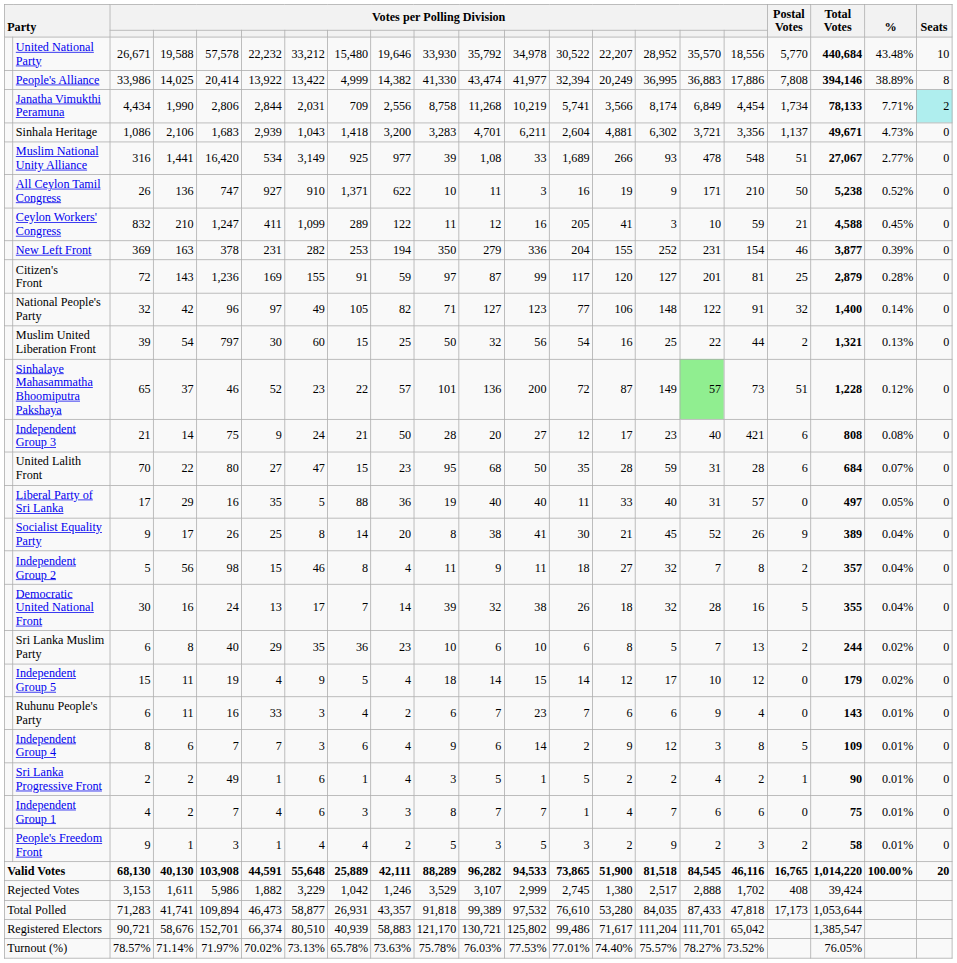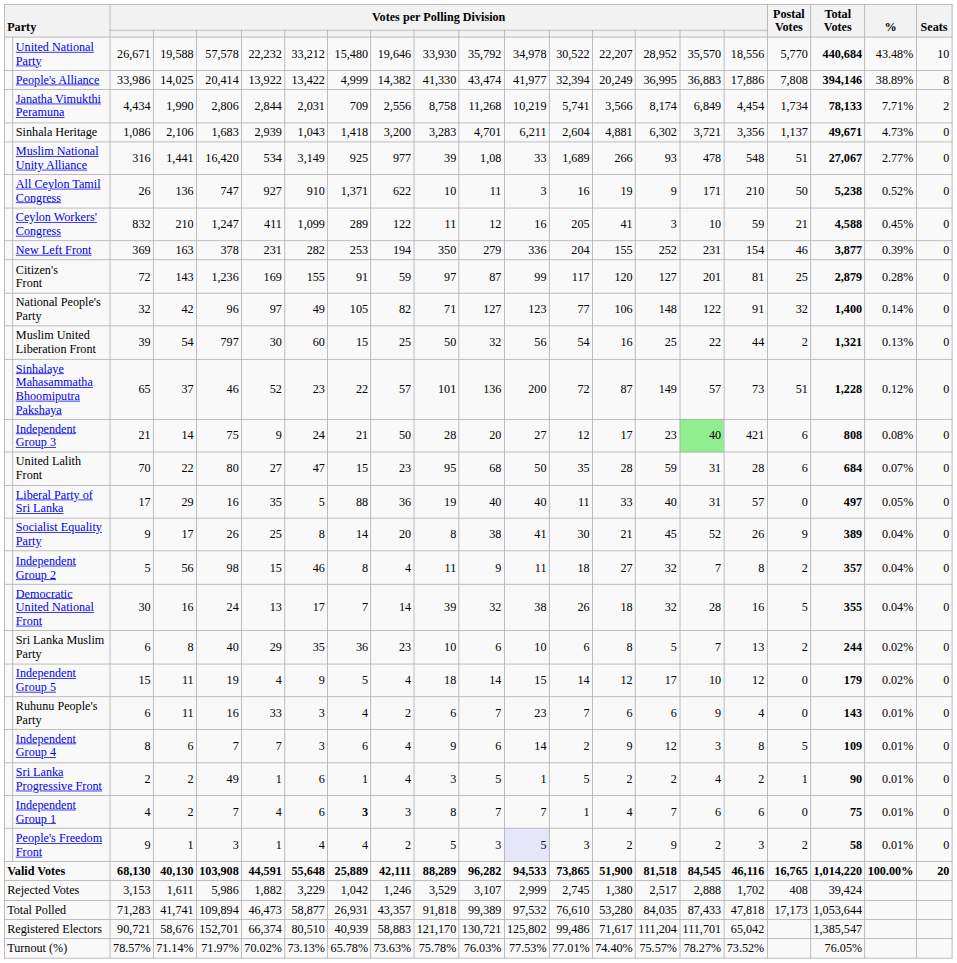 <table class="wikitable" style="text-align:right;">
 <tr>
 <th style="text-align:left; vertical-align:bottom;" rowspan="2" colspan="2">Party</th>
 <th colspan=15>Votes per Polling Division</th>
 <th rowspan="2" style="vertical-align:bottom; text-align:center; width:50px;">Postal<br>Votes</th>
 <th rowspan="2" style="vertical-align:bottom; text-align:center; width:50px;">Total Votes</th>
 <th rowspan="2" style="vertical-align:bottom; text-align:center; width:50px;">%</th>
 <th rowspan="2" style="vertical-align:bottom; text-align:center; width:40px;">Seats</th>
 </tr>
 <tr>
 <th></th>
 <th></th>
 <th></th>
 <th></th>
 <th></th>
 <th></th>
 <th></th>
 <th></th>
 <th></th>
 <th></th>
 <th></th>
 <th></th>
 <th></th>
 <th></th>
 <th></th>
 </tr>
 <tr>
 <td bgcolor=> </td>
 <td align=left><a href='#'>United National Party</a></td>
 <td>26,671</td>
 <td>19,588</td>
 <td>57,578</td>
 <td>22,232</td>
 <td>33,212</td>
 <td>15,480</td>
 <td>19,646</td>
 <td>33,930</td>
 <td>35,792</td>
 <td>34,978</td>
 <td>30,522</td>
 <td>22,207</td>
 <td>28,952</td>
 <td>35,570</td>
 <td>18,556</td>
 <td>5,770</td>
 <td><strong>440,684</strong></td>
 <td>43.48%</td>
 <td>10</td>
 </tr>
 <tr>
 <td bgcolor=> </td>
 <td align=left><a href='#'>People's Alliance</a></td>
 <td>33,986</td>
 <td>14,025</td>
 <td>20,414</td>
 <td>13,922</td>
 <td>13,422</td>
 <td>4,999</td>
 <td>14,382</td>
 <td>41,330</td>
 <td>43,474</td>
 <td>41,977</td>
 <td>32,394</td>
 <td>20,249</td>
 <td>36,995</td>
 <td>36,883</td>
 <td>17,886</td>
 <td>7,808</td>
 <td><strong>394,146</strong></td>
 <td>38.89%</td>
 <td>8</td>
 </tr>
 <tr>
 <td bgcolor=> </td>
 <td align=left><a href='#'>Janatha Vimukthi Peramuna</a></td>
 <td>4,434</td>
 <td>1,990</td>
 <td>2,806</td>
 <td>2,844</td>
 <td>2,031</td>
 <td>709</td>
 <td>2,556</td>
 <td>8,758</td>
 <td>11,268</td>
 <td>10,219</td>
 <td>5,741</td>
 <td>3,566</td>
 <td>8,174</td>
 <td>6,849</td>
 <td>4,454</td>
 <td>1,734</td>
 <td><strong>78,133</strong></td>
 <td>7.71%</td>
-<td style="background: paleturquoise;">2</td>
+<td>2</td>
 </tr>
 <tr>
 <td bgcolor=> </td>
 <td align=left>Sinhala Heritage</td>
 <td>1,086</td>
 <td>2,106</td>
 <td>1,683</td>
 <td>2,939</td>
 <td>1,043</td>
 <td>1,418</td>
 <td>3,200</td>
 <td>3,283</td>
 <td>4,701</td>
 <td>6,211</td>
 <td>2,604</td>
 <td>4,881</td>
 <td>6,302</td>
 <td>3,721</td>
 <td>3,356</td>
 <td>1,137</td>
 <td><strong>49,671</strong></td>
 <td>4.73%</td>
 <td>0</td>
 </tr>
 <tr>
 <td bgcolor=> </td>
 <td align=left><a href='#'>Muslim National Unity Alliance</a></td>
 <td>316</td>
 <td>1,441</td>
 <td>16,420</td>
 <td>534</td>
 <td>3,149</td>
 <td>925</td>
 <td>977</td>
 <td>39</td>
 <td>1,08</td>
 <td>33</td>
 <td>1,689</td>
 <td>266</td>
 <td>93</td>
 <td>478</td>
 <td>548</td>
 <td>51</td>
 <td><strong>27,067</strong></td>
 <td>2.77%</td>
 <td>0</td>
 </tr>
 <tr>
 <td bgcolor=> </td>
 <td align=left><a href='#'>All Ceylon Tamil Congress</a></td>
 <td>26</td>
 <td>136</td>
 <td>747</td>
 <td>927</td>
 <td>910</td>
 <td>1,371</td>
 <td>622</td>
 <td>10</td>
 <td>11</td>
 <td>3</td>
 <td>16</td>
 <td>19</td>
 <td>9</td>
 <td>171</td>
 <td>210</td>
 <td>50</td>
 <td><strong>5,238</strong></td>
 <td>0.52%</td>
 <td>0</td>
 </tr>
 <tr>
 <td bgcolor=> </td>
 <td align=left><a href='#'>Ceylon Workers' Congress</a></td>
 <td>832</td>
 <td>210</td>
 <td>1,247</td>
 <td>411</td>
 <td>1,099</td>
 <td>289</td>
 <td>122</td>
 <td>11</td>
 <td>12</td>
 <td>16</td>
 <td>205</td>
 <td>41</td>
 <td>3</td>
 <td>10</td>
 <td>59</td>
 <td>21</td>
 <td><strong>4,588</strong></td>
 <td>0.45%</td>
 <td>0</td>
 </tr>
 <tr>
 <td bgcolor=> </td>
 <td align=left><a href='#'>New Left Front</a></td>
 <td>369</td>
 <td>163</td>
 <td>378</td>
 <td>231</td>
 <td>282</td>
 <td>253</td>
 <td>194</td>
 <td>350</td>
 <td>279</td>
 <td>336</td>
 <td>204</td>
 <td>155</td>
 <td>252</td>
 <td>231</td>
 <td>154</td>
 <td>46</td>
 <td><strong>3,877</strong></td>
 <td>0.39%</td>
 <td>0</td>
 </tr>
 <tr>
 <td bgcolor=> </td>
 <td align=left>Citizen's<br>Front</td>
 <td>72</td>
 <td>143</td>
 <td>1,236</td>
 <td>169</td>
 <td>155</td>
 <td>91</td>
 <td>59</td>
 <td>97</td>
 <td>87</td>
 <td>99</td>
 <td>117</td>
 <td>120</td>
 <td>127</td>
 <td>201</td>
 <td>81</td>
 <td>25</td>
 <td><strong>2,879</strong></td>
 <td>0.28%</td>
 <td>0</td>
 </tr>
 <tr>
 <td bgcolor=> </td>
 <td align=left>National People's Party</td>
 <td>32</td>
 <td>42</td>
 <td>96</td>
 <td>97</td>
 <td>49</td>
 <td>105</td>
 <td>82</td>
 <td>71</td>
 <td>127</td>
 <td>123</td>
 <td>77</td>
 <td>106</td>
 <td>148</td>
 <td>122</td>
 <td>91</td>
 <td>32</td>
 <td><strong>1,400</strong></td>
 <td>0.14%</td>
 <td>0</td>
 </tr>
 <tr>
 <td bgcolor=> </td>
 <td align=left>Muslim United Liberation Front</td>
 <td>39</td>
 <td>54</td>
 <td>797</td>
 <td>30</td>
 <td>60</td>
 <td>15</td>
 <td>25</td>
 <td>50</td>
 <td>32</td>
 <td>56</td>
 <td>54</td>
 <td>16</td>
 <td>25</td>
 <td>22</td>
 <td>44</td>
 <td>2</td>
 <td><strong>1,321</strong></td>
 <td>0.13%</td>
 <td>0</td>
 </tr>
 <tr>
 <td bgcolor=> </td>
 <td align=left><a href='#'>Sinhalaye Mahasammatha Bhoomiputra Pakshaya</a></td>
 <td>65</td>
 <td>37</td>
 <td>46</td>
 <td>52</td>
 <td>23</td>
 <td>22</td>
 <td>57</td>
 <td>101</td>
 <td>136</td>
 <td>200</td>
 <td>72</td>
 <td>87</td>
 <td>149</td>
-<td style="background: lightgreen;">57</td>
+<td>57</td>
 <td>73</td>
 <td>51</td>
 <td><strong>1,228</strong></td>
 <td>0.12%</td>
 <td>0</td>
 </tr>
 <tr>
 <td bgcolor=> </td>
 <td align=left><a href='#'>Independent Group 3</a></td>
 <td>21</td>
 <td>14</td>
 <td>75</td>
 <td>9</td>
 <td>24</td>
 <td>21</td>
 <td>50</td>
 <td>28</td>
 <td>20</td>
 <td>27</td>
 <td>12</td>
 <td>17</td>
 <td>23</td>
-<td>40</td>
+<td style="background: lightgreen;">40</td>
 <td>421</td>
 <td>6</td>
 <td><strong>808</strong></td>
 <td>0.08%</td>
 <td>0</td>
 </tr>
 <tr>
 <td bgcolor=> </td>
 <td align=left>United Lalith Front</td>
 <td>70</td>
 <td>22</td>
 <td>80</td>
 <td>27</td>
 <td>47</td>
 <td>15</td>
 <td>23</td>
 <td>95</td>
 <td>68</td>
 <td>50</td>
 <td>35</td>
 <td>28</td>
 <td>59</td>
 <td>31</td>
 <td>28</td>
 <td>6</td>
 <td><strong>684</strong></td>
 <td>0.07%</td>
 <td>0</td>
 </tr>
 <tr>
 <td bgcolor=> </td>
 <td align=left><a href='#'>Liberal Party of Sri Lanka</a></td>
 <td>17</td>
 <td>29</td>
 <td>16</td>
 <td>35</td>
 <td>5</td>
 <td>88</td>
 <td>36</td>
 <td>19</td>
 <td>40</td>
 <td>40</td>
 <td>11</td>
 <td>33</td>
 <td>40</td>
 <td>31</td>
 <td>57</td>
 <td>0</td>
 <td><strong>497</strong></td>
 <td>0.05%</td>
 <td>0</td>
 </tr>
 <tr>
 <td bgcolor=> </td>
 <td align=left><a href='#'>Socialist Equality Party</a></td>
 <td>9</td>
 <td>17</td>
 <td>26</td>
 <td>25</td>
 <td>8</td>
 <td>14</td>
 <td>20</td>
 <td>8</td>
 <td>38</td>
 <td>41</td>
 <td>30</td>
 <td>21</td>
 <td>45</td>
 <td>52</td>
 <td>26</td>
 <td>9</td>
 <td><strong>389</strong></td>
 <td>0.04%</td>
 <td>0</td>
 </tr>
 <tr>
 <td bgcolor=> </td>
 <td align=left><a href='#'>Independent Group 2</a></td>
 <td>5</td>
 <td>56</td>
 <td>98</td>
 <td>15</td>
 <td>46</td>
 <td>8</td>
 <td>4</td>
 <td>11</td>
 <td>9</td>
 <td>11</td>
 <td>18</td>
 <td>27</td>
 <td>32</td>
 <td>7</td>
 <td>8</td>
 <td>2</td>
 <td><strong>357</strong></td>
 <td>0.04%</td>
 <td>0</td>
 </tr>
 <tr>
 <td bgcolor=> </td>
 <td align=left><a href='#'>Democratic United National Front</a></td>
 <td>30</td>
 <td>16</td>
 <td>24</td>
 <td>13</td>
 <td>17</td>
 <td>7</td>
 <td>14</td>
 <td>39</td>
 <td>32</td>
 <td>38</td>
 <td>26</td>
 <td>18</td>
 <td>32</td>
 <td>28</td>
 <td>16</td>
 <td>5</td>
 <td><strong>355</strong></td>
 <td>0.04%</td>
 <td>0</td>
 </tr>
 <tr>
 <td bgcolor=> </td>
 <td align=left>Sri Lanka Muslim Party</td>
 <td>6</td>
 <td>8</td>
 <td>40</td>
 <td>29</td>
 <td>35</td>
 <td>36</td>
 <td>23</td>
 <td>10</td>
 <td>6</td>
 <td>10</td>
 <td>6</td>
 <td>8</td>
 <td>5</td>
 <td>7</td>
 <td>13</td>
 <td>2</td>
 <td><strong>244</strong></td>
 <td>0.02%</td>
 <td>0</td>
 </tr>
 <tr>
 <td bgcolor=> </td>
 <td align=left><a href='#'>Independent Group 5</a></td>
 <td>15</td>
 <td>11</td>
 <td>19</td>
 <td>4</td>
 <td>9</td>
 <td>5</td>
 <td>4</td>
 <td>18</td>
 <td>14</td>
 <td>15</td>
 <td>14</td>
 <td>12</td>
 <td>17</td>
 <td>10</td>
 <td>12</td>
 <td>0</td>
 <td><strong>179</strong></td>
 <td>0.02%</td>
 <td>0</td>
 </tr>
 <tr>
 <td bgcolor=> </td>
 <td align=left>Ruhunu People's Party</td>
 <td>6</td>
 <td>11</td>
 <td>16</td>
 <td>33</td>
 <td>3</td>
 <td>4</td>
 <td>2</td>
 <td>6</td>
 <td>7</td>
 <td>23</td>
 <td>7</td>
 <td>6</td>
 <td>6</td>
 <td>9</td>
 <td>4</td>
 <td>0</td>
 <td><strong>143</strong></td>
 <td>0.01%</td>
 <td>0</td>
 </tr>
 <tr>
 <td bgcolor=> </td>
 <td align=left><a href='#'>Independent Group 4</a></td>
 <td>8</td>
 <td>6</td>
 <td>7</td>
 <td>7</td>
 <td>3</td>
 <td>6</td>
 <td>4</td>
 <td>9</td>
 <td>6</td>
 <td>14</td>
 <td>2</td>
 <td>9</td>
 <td>12</td>
 <td>3</td>
 <td>8</td>
 <td>5</td>
 <td><strong>109</strong></td>
 <td>0.01%</td>
 <td>0</td>
 </tr>
 <tr>
 <td bgcolor=> </td>
 <td align=left><a href='#'>Sri Lanka Progressive Front</a></td>
 <td>2</td>
 <td>2</td>
 <td>49</td>
 <td>1</td>
 <td>6</td>
 <td>1</td>
 <td>4</td>
 <td>3</td>
 <td>5</td>
 <td>1</td>
 <td>5</td>
 <td>2</td>
 <td>2</td>
 <td>4</td>
 <td>2</td>
 <td>1</td>
 <td><strong>90</strong></td>
 <td>0.01%</td>
 <td>0</td>
 </tr>
 <tr>
 <td bgcolor=> </td>
 <td align=left><a href='#'>Independent Group 1</a></td>
 <td>4</td>
 <td>2</td>
 <td>7</td>
 <td>4</td>
 <td>6</td>
-<td>3</td>
+<td><strong>3</strong></td>
 <td>3</td>
 <td>8</td>
 <td>7</td>
 <td>7</td>
 <td>1</td>
 <td>4</td>
 <td>7</td>
 <td>6</td>
 <td>6</td>
 <td>0</td>
 <td><strong>75</strong></td>
 <td>0.01%</td>
 <td>0</td>
 </tr>
 <tr>
 <td bgcolor=> </td>
 <td align=left><a href='#'>People's Freedom Front</a></td>
 <td>9</td>
 <td>1</td>
 <td>3</td>
 <td>1</td>
 <td>4</td>
 <td>4</td>
 <td>2</td>
 <td>5</td>
 <td>3</td>
-<td>5</td>
+<td style="background: lavender;">5</td>
 <td>3</td>
 <td>2</td>
 <td>9</td>
 <td>2</td>
 <td>3</td>
 <td>2</td>
 <td><strong>58</strong></td>
 <td>0.01%</td>
 <td>0</td>
 </tr>
 <tr style="font-weight:bold">
 <td style="text-align:left;" colspan="2">Valid Votes</td>
 <td>68,130</td>
 <td>40,130</td>
 <td>103,908</td>
 <td>44,591</td>
 <td>55,648</td>
 <td>25,889</td>
 <td>42,111</td>
 <td>88,289</td>
 <td>96,282</td>
 <td>94,533</td>
 <td>73,865</td>
 <td>51,900</td>
 <td>81,518</td>
 <td>84,545</td>
 <td>46,116</td>
 <td>16,765</td>
 <td>1,014,220</td>
 <td>100.00%</td>
 <td>20</td>
 </tr>
 <tr>
 <td style="text-align:left;" colspan="2">Rejected Votes</td>
 <td>3,153</td>
 <td>1,611</td>
 <td>5,986</td>
 <td>1,882</td>
 <td>3,229</td>
 <td>1,042</td>
 <td>1,246</td>
 <td>3,529</td>
 <td>3,107</td>
 <td>2,999</td>
 <td>2,745</td>
 <td>1,380</td>
 <td>2,517</td>
 <td>2,888</td>
 <td>1,702</td>
 <td>408</td>
 <td>39,424</td>
 <td></td>
 <td></td>
 </tr>
 <tr>
 <td style="text-align:left;" colspan="2">Total Polled</td>
 <td>71,283</td>
 <td>41,741</td>
 <td>109,894</td>
 <td>46,473</td>
 <td>58,877</td>
 <td>26,931</td>
 <td>43,357</td>
 <td>91,818</td>
 <td>99,389</td>
 <td>97,532</td>
 <td>76,610</td>
 <td>53,280</td>
 <td>84,035</td>
 <td>87,433</td>
 <td>47,818</td>
 <td>17,173</td>
 <td>1,053,644</td>
 <td></td>
 <td></td>
 </tr>
 <tr>
 <td style="text-align:left;" colspan="2">Registered Electors</td>
 <td>90,721</td>
 <td>58,676</td>
 <td>152,701</td>
 <td>66,374</td>
 <td>80,510</td>
 <td>40,939</td>
 <td>58,883</td>
 <td>121,170</td>
 <td>130,721</td>
 <td>125,802</td>
 <td>99,486</td>
 <td>71,617</td>
 <td>111,204</td>
 <td>111,701</td>
 <td>65,042</td>
 <td></td>
 <td>1,385,547</td>
 <td></td>
 <td></td>
 </tr>
 <tr>
 <td style="text-align:left;" colspan="2">Turnout (%)</td>
 <td>78.57%</td>
 <td>71.14%</td>
 <td>71.97%</td>
 <td>70.02%</td>
 <td>73.13%</td>
 <td>65.78%</td>
 <td>73.63%</td>
 <td>75.78%</td>
 <td>76.03%</td>
 <td>77.53%</td>
 <td>77.01%</td>
 <td>74.40%</td>
 <td>75.57%</td>
 <td>78.27%</td>
 <td>73.52%</td>
 <td></td>
 <td>76.05%</td>
 <td></td>
 <td></td>
 </tr>
 </table>
